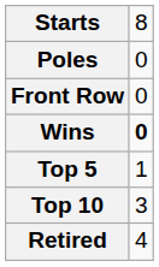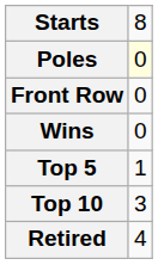 <table class="wikitable" style="text-align:center">
 <tr>
 <th>Starts</th>
 <td>8</td>
 </tr>
 <tr>
 <th>Poles</th>
-<td>0</td>
+<td style="background: lightyellow;">0</td>
 </tr>
 <tr>
 <th>Front Row</th>
 <td>0</td>
 </tr>
 <tr>
 <th>Wins</th>
-<td><strong>0</strong></td>
+<td>0</td>
 </tr>
 <tr>
 <th>Top 5</th>
 <td>1</td>
 </tr>
 <tr>
 <th>Top 10</th>
 <td>3</td>
 </tr>
 <tr>
 <th>Retired</th>
 <td>4</td>
 </tr>
 </table>
